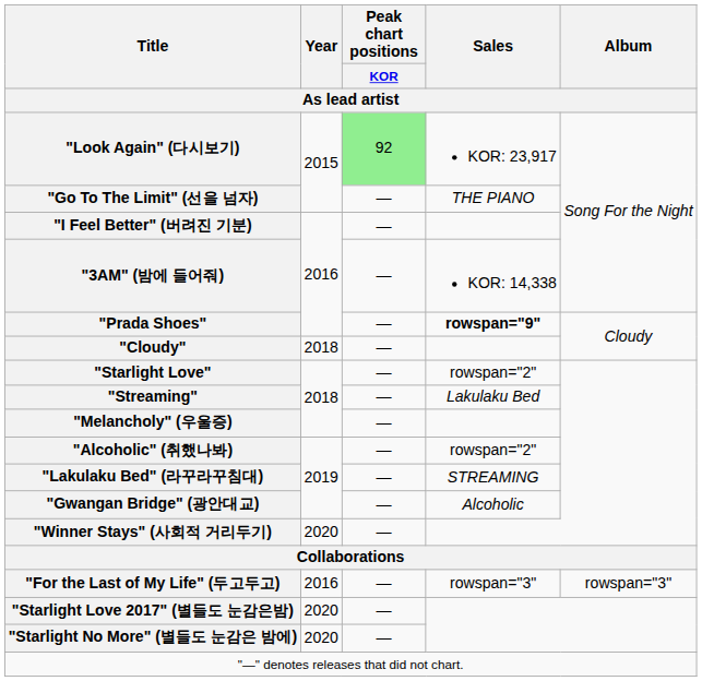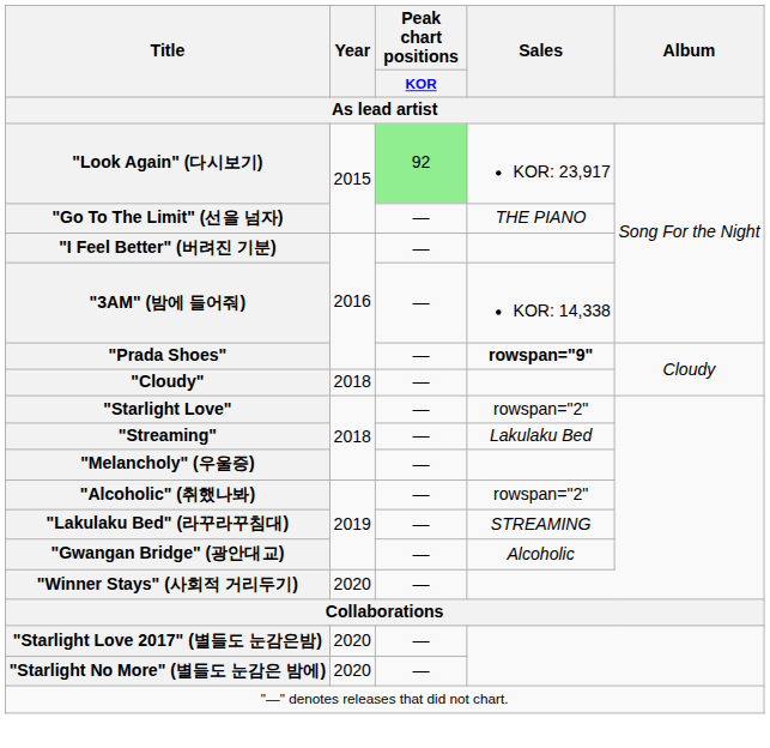 <table class="wikitable plainrowheaders" style="text-align:center;">
 <tr>
 <th scope="col" rowspan="2">Title</th>
 <th scope="col" rowspan="2">Year</th>
 <th scope="col" colspan="1" style="width:5em;">Peak chart positions</th>
 <th scope="col" rowspan="2">Sales</th>
 <th scope="col" rowspan="2">Album</th>
 </tr>
 <tr>
 <th><small><a href='#'>KOR</a></small><br></th>
 </tr>
 <tr>
 <th scope="col" colspan="5">As lead artist</th>
 </tr>
 <tr>
 <th scope="row">"Look Again" (다시보기)<br></th>
 <td rowspan="2">2015</td>
 <td style="background: lightgreen;">92</td>
 <td><br><ul><li>KOR: 23,917</li></ul></td>
 <td rowspan="4"><em>Song For the Night</em></td>
 </tr>
 <tr>
 <th scope="row">"Go To The Limit" (선을 넘자)<br></th>
 <td>—</td>
 <td><em>THE PIANO</em></td>
 </tr>
 <tr>
 <th scope="row">"I Feel Better" (버려진 기분)<br></th>
 <td rowspan="3">2016</td>
 <td>—</td>
 </tr>
 <tr>
 <th scope="row">"3AM" (밤에 들어줘)<br></th>
 <td>—</td>
 <td><br><ul><li>KOR: 14,338</li></ul></td>
 </tr>
 <tr>
 <th scope="row">"Prada Shoes"<br></th>
 <td>—</td>
 <td><strong>rowspan="9" </strong></td>
 <td rowspan="2"><em>Cloudy</em></td>
 </tr>
 <tr>
 <th scope="row">"Cloudy"<br></th>
 <td>2018</td>
 <td>—</td>
 </tr>
 <tr>
 <th scope="row">"Starlight Love"</th>
 <td rowspan="3">2018</td>
 <td>—</td>
 <td>rowspan="2" </td>
 </tr>
 <tr>
 <th scope="row">"Streaming"<br></th>
 <td>—</td>
 <td><em>Lakulaku Bed</em></td>
 </tr>
 <tr>
 <th scope="row">"Melancholy" (우울증)<br></th>
 <td>—</td>
 <td></td>
 </tr>
 <tr>
 <th scope="row">"Alcoholic" (취했나봐)<br></th>
 <td rowspan="3">2019</td>
 <td>—</td>
 <td>rowspan="2" </td>
 </tr>
 <tr>
 <th scope="row">"Lakulaku Bed" (라꾸라꾸침대)</th>
 <td>—</td>
 <td><em>STREAMING</em></td>
 </tr>
 <tr>
 <th scope="row">"Gwangan Bridge" (광안대교)</th>
 <td>—</td>
 <td><em>Alcoholic</em></td>
 </tr>
 <tr>
 <th scope="row">"Winner Stays" (사회적 거리두기)</th>
 <td>2020</td>
 <td>—</td>
 </tr>
 <tr>
 <th scope="col" colspan="5">Collaborations</th>
 </tr>
 <tr>
-<th scope="row">"For the Last of My Life" (두고두고)<br></th>
-<td>2016</td>
-<td>—</td>
-<td>rowspan="3" </td>
-<td>rowspan="3" </td>
-</tr>
-<tr>
 <th scope="row">"Starlight Love 2017" (별들도 눈감은밤)<br></th>
 <td>2020</td>
 <td>—</td>
 </tr>
 <tr>
 <th scope="row">"Starlight No More" (별들도 눈감은 밤에)<br></th>
 <td>2020</td>
 <td>—</td>
 </tr>
 <tr>
 <td colspan="5" align="center"><small>"—" denotes releases that did not chart.</small></td>
 </tr>
 </table>
